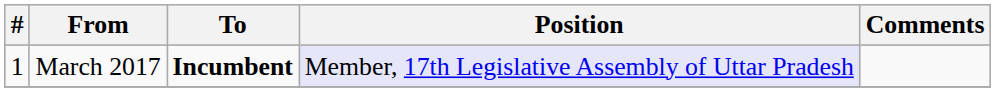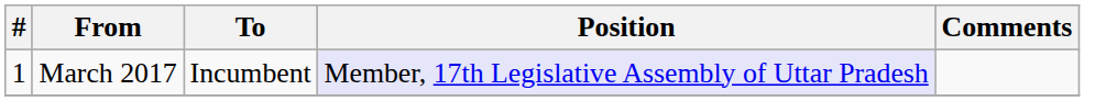 <table class="wikitable sortable">
 <tr>
 <th>#</th>
 <th>From</th>
 <th>To</th>
 <th>Position</th>
 <th>Comments</th>
 </tr>
 <tr>
 <td>1</td>
 <td>March 2017</td>
-<td><strong>Incumbent</strong></td>
+<td>Incumbent</td>
 <td style="background: lavender;">Member, <a href='#'>17th Legislative Assembly of Uttar Pradesh</a></td>
 <td></td>
 </tr>
 <tr>
 </tr>
 </table>
